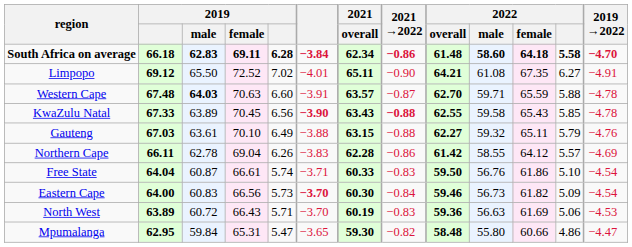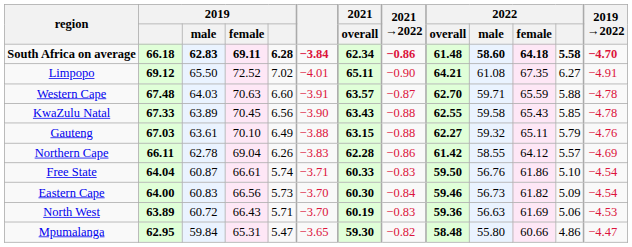 <table class="wikitable sortable mw-datatable static-row-numbers sort-under col1left col6right col8right col13right" style="text-align:center;">
 <tr>
 <th rowspan=2 style="vertical-align:middle;">region</th>
 <th colspan=4>2019</th>
 <th rowspan=2 style="vertical-align:middle;border-left-width:2px;"></th>
 <th style="border-left-width:2px;">2021</th>
 <th rowspan=2 style="vertical-align:middle;border-left-width:2px;">2021<br>→2022</th>
 <th colspan=4 style="border-left-width:2px;">2022</th>
 <th rowspan=2 style="vertical-align:middle;border-left-width:2px;">2019<br>→2022</th>
 </tr>
 <tr>
 <th style="vertical-align:middle;min-width:3em;"></th>
 <th style="vertical-align:middle;min-width:3em;">male</th>
 <th style="vertical-align:middle;min-width:3em;">female</th>
 <th></th>
 <th style="vertical-align:middle;min-width:3em;border-left-width:2px;">overall</th>
 <th style="vertical-align:middle;min-width:3em;border-left-width:2px;">overall</th>
 <th style="vertical-align:middle;min-width:3em;">male</th>
 <th style="vertical-align:middle;min-width:3em;">female</th>
 <th></th>
 </tr>
 <tr class=static-row-header>
 <td><strong>South Africa on average</strong></td>
 <td style="background:#e0ffd8;"><strong>66.18</strong></td>
 <td style="background:#eaf3ff;"><strong>62.83</strong></td>
 <td style="background:#fee7f6;"><strong>69.11</strong></td>
 <td><strong>6.28</strong></td>
 <td style="padding-right:1.5ex;color:crimson;border-left-width:2px;"><strong>−3.84</strong></td>
 <td style="background:#e0ffd8;border-left-width:2px;"><strong>62.34</strong></td>
 <td style="padding-right:1.5ex;color:crimson;border-left-width:2px;"><strong>−0.86</strong></td>
 <td style="background:#e0ffd8;border-left-width:2px;"><strong>61.48</strong></td>
 <td style="background:#eaf3ff;"><strong>58.60</strong></td>
 <td style="background:#fee7f6;"><strong>64.18</strong></td>
 <td><strong>5.58</strong></td>
 <td style="padding-right:1.5ex;color:crimson;border-left-width:2px;"><strong>−4.70</strong></td>
 </tr>
 <tr>
 <td><a href='#'>Limpopo</a></td>
 <td style="background:#e0ffd8;"><strong>69.12</strong></td>
 <td style="background:#eaf3ff;">65.50</td>
 <td style="background:#fee7f6;">72.52</td>
 <td>7.02</td>
 <td style="padding-right:1.5ex;color:crimson;border-left-width:2px;">−4.01</td>
 <td style="background:#e0ffd8;border-left-width:2px;"><strong>65.11</strong></td>
 <td style="padding-right:1.5ex;color:crimson;border-left-width:2px;">−0.90</td>
 <td style="background:#e0ffd8;border-left-width:2px;"><strong>64.21</strong></td>
 <td style="background:#eaf3ff;">61.08</td>
 <td style="background:#fee7f6;">67.35</td>
 <td>6.27</td>
 <td style="padding-right:1.5ex;color:crimson;border-left-width:2px;">−4.91</td>
 </tr>
 <tr>
 <td><a href='#'>Western Cape</a></td>
 <td style="background:#e0ffd8;"><strong>67.48</strong></td>
-<td style="background:#eaf3ff;"><strong>64.03</strong></td>
+<td style="background:#eaf3ff;">64.03</td>
 <td style="background:#fee7f6;">70.63</td>
 <td>6.60</td>
 <td style="padding-right:1.5ex;color:crimson;border-left-width:2px;">−3.91</td>
 <td style="background:#e0ffd8;border-left-width:2px;"><strong>63.57</strong></td>
 <td style="padding-right:1.5ex;color:crimson;border-left-width:2px;">−0.87</td>
 <td style="background:#e0ffd8;border-left-width:2px;"><strong>62.70</strong></td>
 <td style="background:#eaf3ff;">59.71</td>
 <td style="background:#fee7f6;">65.59</td>
 <td>5.88</td>
 <td style="padding-right:1.5ex;color:crimson;border-left-width:2px;">−4.78</td>
 </tr>
 <tr>
 <td><a href='#'>KwaZulu Natal</a></td>
 <td style="background:#e0ffd8;"><strong>67.33</strong></td>
 <td style="background:#eaf3ff;">63.89</td>
 <td style="background:#fee7f6;">70.45</td>
 <td>6.56</td>
-<td style="padding-right:1.5ex;color:crimson;border-left-width:2px;"><strong>−3.90</strong></td>
+<td style="padding-right:1.5ex;color:crimson;border-left-width:2px;">−3.90</td>
 <td style="background:#e0ffd8;border-left-width:2px;"><strong>63.43</strong></td>
-<td style="padding-right:1.5ex;color:crimson;border-left-width:2px;"><strong>−0.88</strong></td>
+<td style="padding-right:1.5ex;color:crimson;border-left-width:2px;">−0.88</td>
 <td style="background:#e0ffd8;border-left-width:2px;"><strong>62.55</strong></td>
 <td style="background:#eaf3ff;">59.58</td>
 <td style="background:#fee7f6;">65.43</td>
 <td>5.85</td>
 <td style="padding-right:1.5ex;color:crimson;border-left-width:2px;">−4.78</td>
 </tr>
 <tr>
 <td><a href='#'>Gauteng</a></td>
 <td style="background:#e0ffd8;"><strong>67.03</strong></td>
 <td style="background:#eaf3ff;">63.61</td>
 <td style="background:#fee7f6;">70.10</td>
 <td>6.49</td>
 <td style="padding-right:1.5ex;color:crimson;border-left-width:2px;">−3.88</td>
 <td style="background:#e0ffd8;border-left-width:2px;"><strong>63.15</strong></td>
 <td style="padding-right:1.5ex;color:crimson;border-left-width:2px;">−0.88</td>
 <td style="background:#e0ffd8;border-left-width:2px;"><strong>62.27</strong></td>
 <td style="background:#eaf3ff;">59.32</td>
 <td style="background:#fee7f6;">65.11</td>
 <td>5.79</td>
 <td style="padding-right:1.5ex;color:crimson;border-left-width:2px;">−4.76</td>
 </tr>
 <tr>
 <td><a href='#'>Northern Cape</a></td>
 <td style="background:#e0ffd8;"><strong>66.11</strong></td>
 <td style="background:#eaf3ff;">62.78</td>
 <td style="background:#fee7f6;">69.04</td>
 <td>6.26</td>
 <td style="padding-right:1.5ex;color:crimson;border-left-width:2px;">−3.83</td>
 <td style="background:#e0ffd8;border-left-width:2px;"><strong>62.28</strong></td>
 <td style="padding-right:1.5ex;color:crimson;border-left-width:2px;">−0.86</td>
 <td style="background:#e0ffd8;border-left-width:2px;"><strong>61.42</strong></td>
 <td style="background:#eaf3ff;">58.55</td>
 <td style="background:#fee7f6;">64.12</td>
 <td>5.57</td>
 <td style="padding-right:1.5ex;color:crimson;border-left-width:2px;">−4.69</td>
 </tr>
 <tr>
 <td><a href='#'>Free State</a></td>
 <td style="background:#e0ffd8;"><strong>64.04</strong></td>
 <td style="background:#eaf3ff;">60.87</td>
 <td style="background:#fee7f6;">66.61</td>
 <td>5.74</td>
 <td style="padding-right:1.5ex;color:crimson;border-left-width:2px;">−3.71</td>
 <td style="background:#e0ffd8;border-left-width:2px;"><strong>60.33</strong></td>
 <td style="padding-right:1.5ex;color:crimson;border-left-width:2px;">−0.83</td>
 <td style="background:#e0ffd8;border-left-width:2px;"><strong>59.50</strong></td>
 <td style="background:#eaf3ff;">56.76</td>
 <td style="background:#fee7f6;">61.86</td>
 <td>5.10</td>
 <td style="padding-right:1.5ex;color:crimson;border-left-width:2px;">−4.54</td>
 </tr>
 <tr>
 <td><a href='#'>Eastern Cape</a></td>
 <td style="background:#e0ffd8;"><strong>64.00</strong></td>
 <td style="background:#eaf3ff;">60.83</td>
 <td style="background:#fee7f6;">66.56</td>
 <td>5.73</td>
-<td style="padding-right:1.5ex;color:crimson;border-left-width:2px;"><strong>−3.70</strong></td>
+<td style="padding-right:1.5ex;color:crimson;border-left-width:2px;">−3.70</td>
 <td style="background:#e0ffd8;border-left-width:2px;"><strong>60.30</strong></td>
 <td style="padding-right:1.5ex;color:crimson;border-left-width:2px;">−0.84</td>
 <td style="background:#e0ffd8;border-left-width:2px;"><strong>59.46</strong></td>
 <td style="background:#eaf3ff;">56.73</td>
 <td style="background:#fee7f6;">61.82</td>
 <td>5.09</td>
 <td style="padding-right:1.5ex;color:crimson;border-left-width:2px;">−4.54</td>
 </tr>
 <tr>
 <td><a href='#'>North West</a></td>
 <td style="background:#e0ffd8;"><strong>63.89</strong></td>
 <td style="background:#eaf3ff;">60.72</td>
 <td style="background:#fee7f6;">66.43</td>
 <td>5.71</td>
 <td style="padding-right:1.5ex;color:crimson;border-left-width:2px;">−3.70</td>
 <td style="background:#e0ffd8;border-left-width:2px;"><strong>60.19</strong></td>
 <td style="padding-right:1.5ex;color:crimson;border-left-width:2px;">−0.83</td>
 <td style="background:#e0ffd8;border-left-width:2px;"><strong>59.36</strong></td>
 <td style="background:#eaf3ff;">56.63</td>
 <td style="background:#fee7f6;">61.69</td>
 <td>5.06</td>
 <td style="padding-right:1.5ex;color:crimson;border-left-width:2px;">−4.53</td>
 </tr>
 <tr>
 <td><a href='#'>Mpumalanga</a></td>
 <td style="background:#e0ffd8;"><strong>62.95</strong></td>
 <td style="background:#eaf3ff;">59.84</td>
 <td style="background:#fee7f6;">65.31</td>
 <td>5.47</td>
 <td style="padding-right:1.5ex;color:crimson;border-left-width:2px;">−3.65</td>
 <td style="background:#e0ffd8;border-left-width:2px;"><strong>59.30</strong></td>
 <td style="padding-right:1.5ex;color:crimson;border-left-width:2px;">−0.82</td>
 <td style="background:#e0ffd8;border-left-width:2px;"><strong>58.48</strong></td>
 <td style="background:#eaf3ff;">55.80</td>
 <td style="background:#fee7f6;">60.66</td>
 <td>4.86</td>
 <td style="padding-right:1.5ex;color:crimson;border-left-width:2px;">−4.47</td>
 </tr>
 </table>
